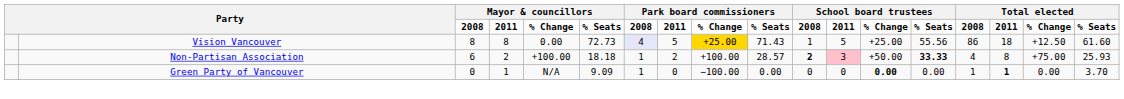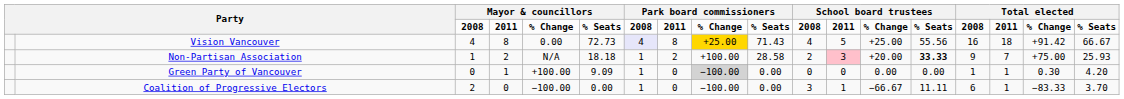 <table class="wikitable" style="text-align:center;">
 <tr>
 <th rowspan="2" colspan="2" style="width:30%;">Party</th>
 <th colspan="4" style="width:10%;">Mayor & councillors</th>
 <th colspan="4" style="width:10%;">Park board commissioners</th>
 <th colspan="4" style="width:10%;">School board trustees</th>
 <th colspan="4" style="width:10%;">Total elected</th>
 </tr>
 <tr bgcolor=#fcfcfc>
 <td style="text-align: center;"><strong>2008</strong></td>
 <td style="text-align: center;"><strong>2011</strong></td>
 <td style="text-align: center;"><strong>% Change</strong></td>
 <td style="text-align: center;"><strong>% Seats</strong></td>
 <td style="text-align: center;"><strong>2008</strong></td>
 <td style="text-align: center;"><strong>2011</strong></td>
 <td style="text-align: center;"><strong>% Change</strong></td>
 <td style="text-align: center;"><strong>% Seats</strong></td>
 <td style="text-align: center;"><strong>2008</strong></td>
 <td style="text-align: center;"><strong>2011</strong></td>
 <td style="text-align: center;"><strong>% Change</strong></td>
 <td style="text-align: center;"><strong>% Seats</strong></td>
 <td style="text-align: center;"><strong>2008</strong></td>
 <td style="text-align: center;"><strong>2011</strong></td>
 <td style="text-align: center;"><strong>% Change</strong></td>
 <td style="text-align: center;"><strong>% Seats</strong></td>
 </tr>
 <tr>
 <td style="background:"></td>
 <td><a href='#'>Vision Vancouver</a></td>
-<td>8</td>
+<td>4</td>
 <td>8</td>
 <td>0.00</td>
 <td>72.73</td>
 <td style="background: lavender;">4</td>
-<td>5</td>
+<td>8</td>
 <td style="background: gold;">+25.00</td>
 <td>71.43</td>
-<td>1</td>
+<td>4</td>
 <td>5</td>
 <td>+25.00</td>
 <td>55.56</td>
-<td>86</td>
+<td>16</td>
 <td>18</td>
-<td>+12.50</td>
-<td>61.60</td>
+<td>+91.42</td>
+<td>66.67</td>
 </tr>
 <tr>
 <td style="background:"></td>
 <td><a href='#'>Non-Partisan Association</a></td>
-<td>6</td>
+<td>1</td>
 <td>2</td>
-<td>+100.00</td>
+<td>N/A</td>
 <td>18.18</td>
 <td>1</td>
 <td>2</td>
 <td>+100.00</td>
-<td>28.57</td>
-<td><strong>2</strong></td>
+<td>28.58</td>
+<td>2</td>
 <td style="background: pink;">3</td>
-<td>+50.00</td>
+<td>+20.00</td>
 <td><strong>33.33</strong></td>
-<td>4</td>
-<td>8</td>
+<td>9</td>
+<td>7</td>
 <td>+75.00</td>
 <td>25.93</td>
 </tr>
 <tr>
 <td style="background:"></td>
 <td><a href='#'>Green Party of Vancouver</a></td>
 <td>0</td>
 <td>1</td>
-<td>N/A</td>
+<td>+100.00</td>
 <td>9.09</td>
+<td>1</td>
+<td>0</td>
+<td style="background: lightgrey;">−100.00</td>
+<td>0.00</td>
+<td>0</td>
+<td>0</td>
+<td>0.00</td>
+<td>0.00</td>
+<td>1</td>
+<td>1</td>
+<td>0.30</td>
+<td>4.20</td>
+</tr>
+<tr>
+<td style="background:"></td>
+<td><a href='#'>Coalition of Progressive Electors</a></td>
+<td>2</td>
+<td>0</td>
+<td>−100.00</td>
+<td>0.00</td>
 <td>1</td>
 <td>0</td>
 <td>−100.00</td>
 <td>0.00</td>
-<td>0</td>
-<td>0</td>
-<td><strong>0.00</strong></td>
-<td>0.00</td>
+<td>3</td>
 <td>1</td>
-<td><strong>1</strong></td>
-<td>0.00</td>
+<td>−66.67</td>
+<td>11.11</td>
+<td>6</td>
+<td>1</td>
+<td>−83.33</td>
 <td>3.70</td>
 </tr>
 </table>
